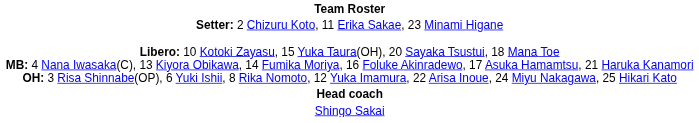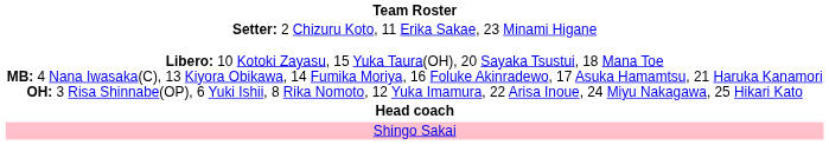 <table style="text-align: center; margin-top: 2em; margin-left: auto; margin-right: auto">
 <tr>
 <td><strong>Team Roster</strong></td>
 </tr>
 <tr>
 <td><strong>Setter:</strong> 2 <a href='#'>Chizuru Koto</a>, 11 <a href='#'>Erika Sakae</a>, 23 <a href='#'>Minami Higane</a><br><br><strong>Libero:</strong> 10 <a href='#'>Kotoki Zayasu</a>, 15 <a href='#'>Yuka Taura</a>(OH), 20 <a href='#'>Sayaka Tsustui</a>, 18 <a href='#'>Mana Toe</a><br> <strong>MB:</strong> 4 <a href='#'>Nana Iwasaka</a>(C), 13 <a href='#'>Kiyora Obikawa</a>, 14 <a href='#'>Fumika Moriya</a>, 16 <a href='#'>Foluke Akinradewo</a>, 17 <a href='#'>Asuka Hamamtsu</a>, 21 <a href='#'>Haruka Kanamori</a><br> <strong>OH:</strong> 3 <a href='#'>Risa Shinnabe</a>(OP), 6 <a href='#'>Yuki Ishii</a>, 8 <a href='#'>Rika Nomoto</a>, 12 <a href='#'>Yuka Imamura</a>, 22 <a href='#'>Arisa Inoue</a>, 24 <a href='#'>Miyu Nakagawa</a>, 25 <a href='#'>Hikari Kato</a></td>
 </tr>
 <tr>
 <td><strong>Head coach</strong></td>
 </tr>
 <tr>
-<td><a href='#'>Shingo Sakai</a></td>
+<td style="background: pink;"><a href='#'>Shingo Sakai</a></td>
 </tr>
 </table>
